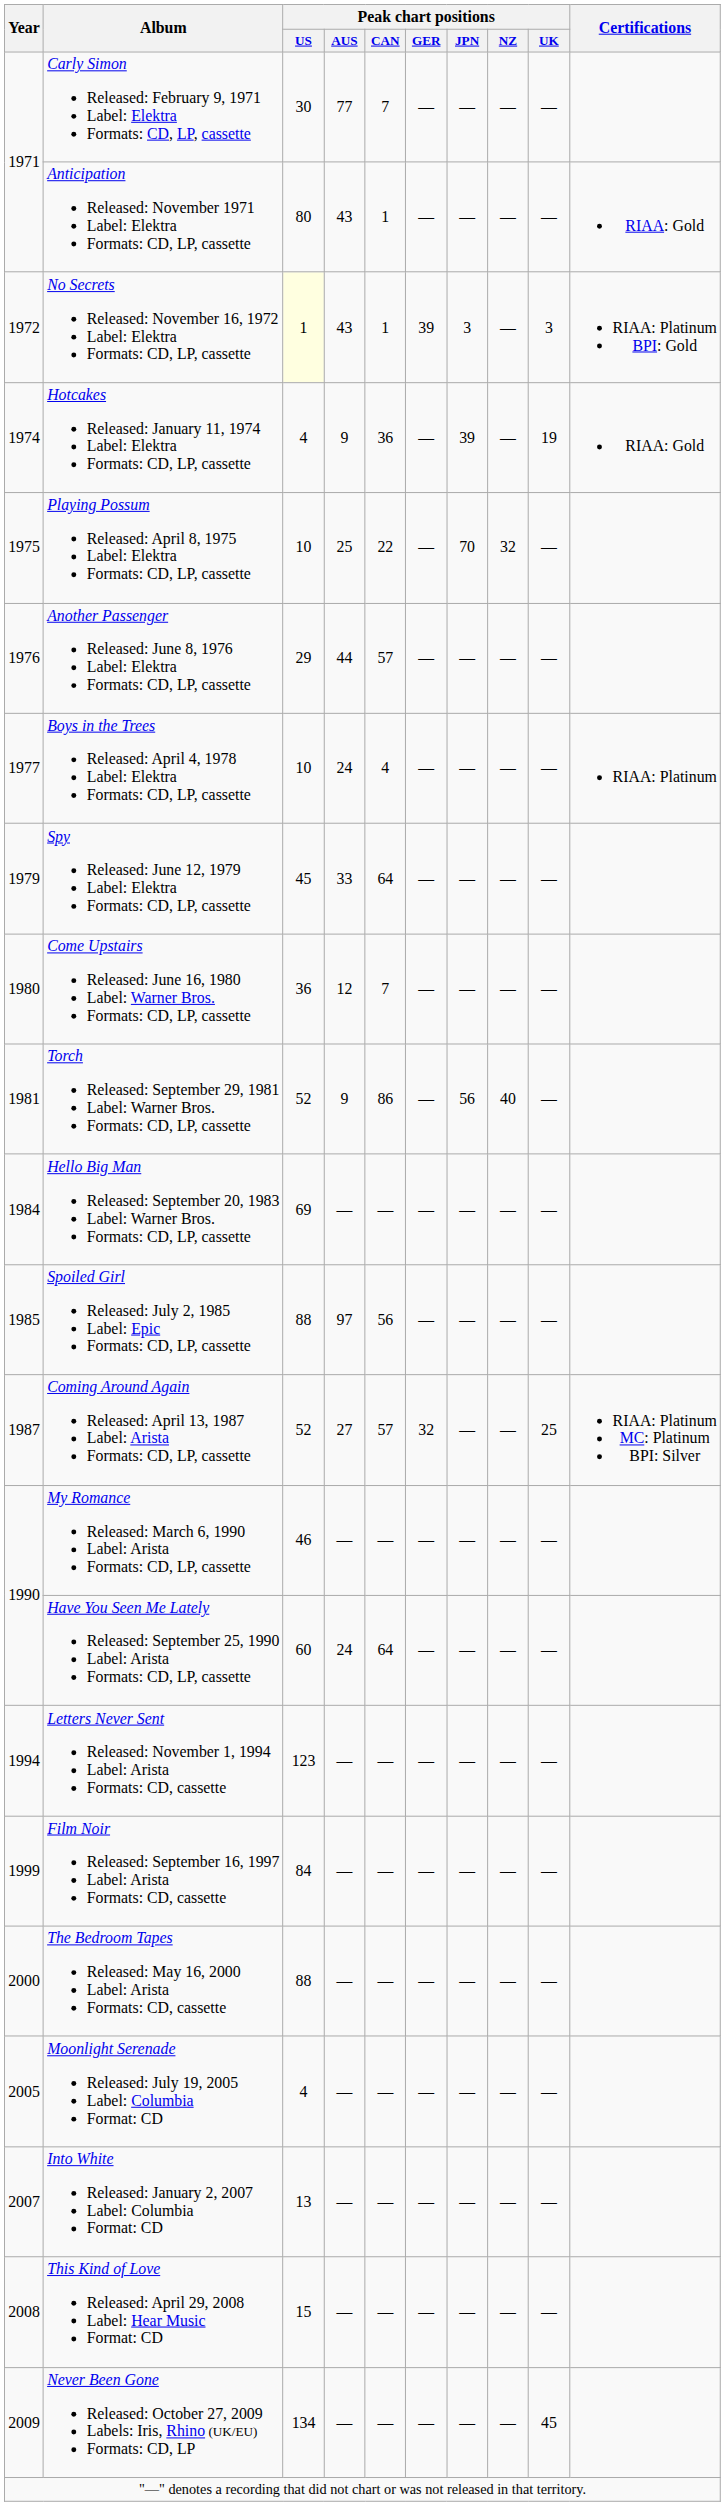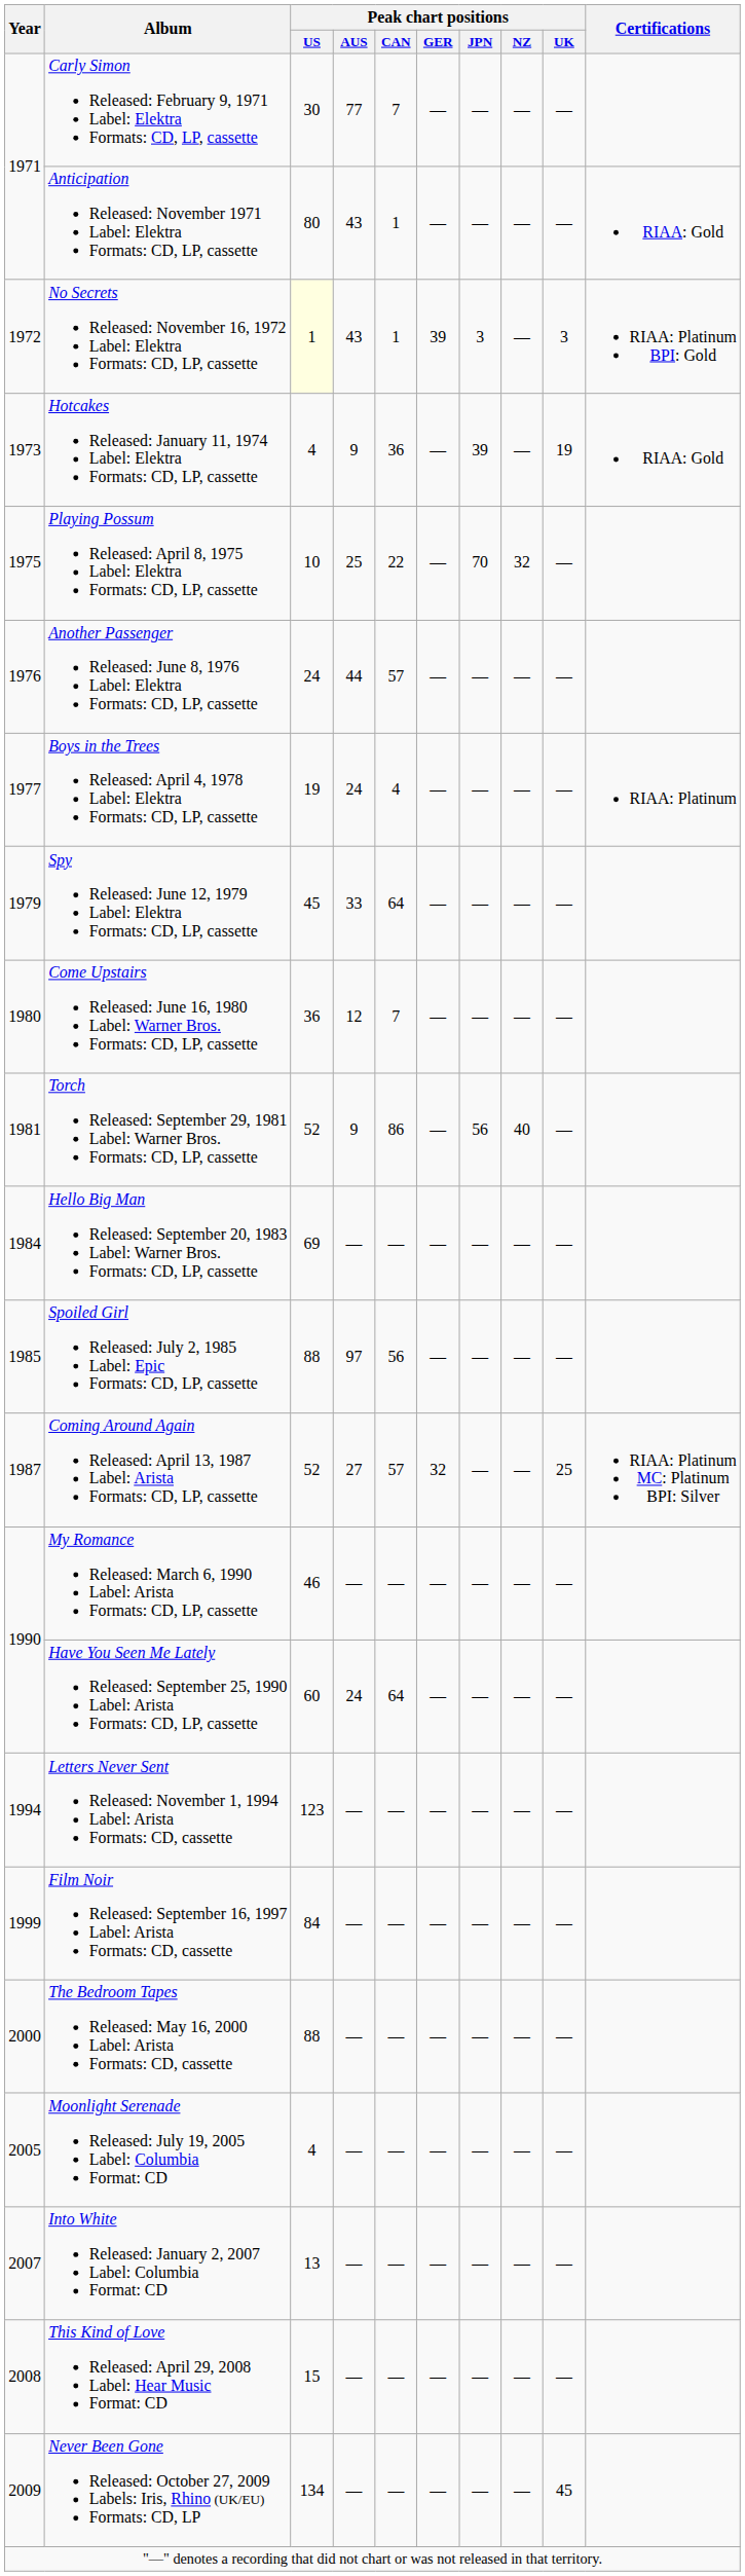 <table class="wikitable" style="text-align:center;">
 <tr>
 <th rowspan="2">Year</th>
 <th rowspan="2">Album</th>
 <th colspan="7">Peak chart positions</th>
 <th rowspan="2"><a href='#'>Certifications</a></th>
 </tr>
 <tr style="font-size:smaller;">
 <th width="35"><a href='#'>US</a><br></th>
 <th width="35"><a href='#'>AUS</a><br></th>
 <th width="35"><a href='#'>CAN</a><br></th>
 <th width="35"><a href='#'>GER</a><br></th>
 <th width="35"><a href='#'>JPN</a><br></th>
 <th width="35"><a href='#'>NZ</a><br></th>
 <th width="35"><a href='#'>UK</a><br></th>
 </tr>
 <tr>
 <td rowspan="2">1971</td>
 <td align="left"><em><a href='#'>Carly Simon</a></em><br><ul><li>Released: February 9, 1971</li><li>Label: <a href='#'>Elektra</a></li><li>Formats: <a href='#'>CD</a>, <a href='#'>LP</a>, <a href='#'>cassette</a></li></ul></td>
 <td>30</td>
 <td>77</td>
 <td>7</td>
 <td>—</td>
 <td>—</td>
 <td>—</td>
 <td>—</td>
 <td></td>
 </tr>
 <tr>
 <td align="left"><em><a href='#'>Anticipation</a></em><br><ul><li>Released: November 1971</li><li>Label: Elektra</li><li>Formats: CD, LP, cassette</li></ul></td>
 <td>80</td>
 <td>43</td>
 <td>1</td>
 <td>—</td>
 <td>—</td>
 <td>—</td>
 <td>—</td>
 <td><br><ul><li><a href='#'>RIAA</a>: Gold</li></ul></td>
 </tr>
 <tr>
 <td>1972</td>
 <td align="left"><em><a href='#'>No Secrets</a></em><br><ul><li>Released: November 16, 1972</li><li>Label: Elektra</li><li>Formats: CD, LP, cassette</li></ul></td>
 <td style="background: lightyellow;">1</td>
 <td>43</td>
 <td>1</td>
 <td>39</td>
 <td>3</td>
 <td>—</td>
 <td>3</td>
 <td><br><ul><li>RIAA: Platinum</li><li><a href='#'>BPI</a>: Gold</li></ul></td>
 </tr>
 <tr>
-<td>1974</td>
+<td>1973</td>
 <td align="left"><em><a href='#'>Hotcakes</a></em><br><ul><li>Released: January 11, 1974</li><li>Label: Elektra</li><li>Formats: CD, LP, cassette</li></ul></td>
 <td>4</td>
 <td>9</td>
 <td>36</td>
 <td>—</td>
 <td>39</td>
 <td>—</td>
 <td>19</td>
 <td><br><ul><li>RIAA: Gold</li></ul></td>
 </tr>
 <tr>
 <td>1975</td>
 <td align="left"><em><a href='#'>Playing Possum</a></em><br><ul><li>Released: April 8, 1975</li><li>Label: Elektra</li><li>Formats: CD, LP, cassette</li></ul></td>
 <td>10</td>
 <td>25</td>
 <td>22</td>
 <td>—</td>
 <td>70</td>
 <td>32</td>
 <td>—</td>
 <td></td>
 </tr>
 <tr>
 <td>1976</td>
 <td align="left"><em><a href='#'>Another Passenger</a></em><br><ul><li>Released: June 8, 1976</li><li>Label: Elektra</li><li>Formats: CD, LP, cassette</li></ul></td>
-<td>29</td>
+<td>24</td>
 <td>44</td>
 <td>57</td>
 <td>—</td>
 <td>—</td>
 <td>—</td>
 <td>—</td>
 <td></td>
 </tr>
 <tr>
 <td>1977</td>
 <td align="left"><em><a href='#'>Boys in the Trees</a></em><br><ul><li>Released: April 4, 1978</li><li>Label: Elektra</li><li>Formats: CD, LP, cassette</li></ul></td>
-<td>10</td>
+<td>19</td>
 <td>24</td>
 <td>4</td>
 <td>—</td>
 <td>—</td>
 <td>—</td>
 <td>—</td>
 <td><br><ul><li>RIAA: Platinum</li></ul></td>
 </tr>
 <tr>
 <td>1979</td>
 <td align="left"><em><a href='#'>Spy</a></em><br><ul><li>Released: June 12, 1979</li><li>Label: Elektra</li><li>Formats: CD, LP, cassette</li></ul></td>
 <td>45</td>
 <td>33</td>
 <td>64</td>
 <td>—</td>
 <td>—</td>
 <td>—</td>
 <td>—</td>
 <td></td>
 </tr>
 <tr>
 <td>1980</td>
 <td align="left"><em><a href='#'>Come Upstairs</a></em><br><ul><li>Released: June 16, 1980</li><li>Label: <a href='#'>Warner Bros.</a></li><li>Formats: CD, LP, cassette</li></ul></td>
 <td>36</td>
 <td>12</td>
 <td>7</td>
 <td>—</td>
 <td>—</td>
 <td>—</td>
 <td>—</td>
 <td></td>
 </tr>
 <tr>
 <td>1981</td>
 <td align="left"><em><a href='#'>Torch</a></em><br><ul><li>Released: September 29, 1981</li><li>Label: Warner Bros.</li><li>Formats: CD, LP, cassette</li></ul></td>
 <td>52</td>
 <td>9</td>
 <td>86</td>
 <td>—</td>
 <td>56</td>
 <td>40</td>
 <td>—</td>
 <td></td>
 </tr>
 <tr>
 <td>1984</td>
 <td align="left"><em><a href='#'>Hello Big Man</a></em><br><ul><li>Released: September 20, 1983</li><li>Label: Warner Bros.</li><li>Formats: CD, LP, cassette</li></ul></td>
 <td>69</td>
 <td>—</td>
 <td>—</td>
 <td>—</td>
 <td>—</td>
 <td>—</td>
 <td>—</td>
 <td></td>
 </tr>
 <tr>
 <td>1985</td>
 <td align="left"><em><a href='#'>Spoiled Girl</a></em><br><ul><li>Released: July 2, 1985</li><li>Label: <a href='#'>Epic</a></li><li>Formats: CD, LP, cassette</li></ul></td>
 <td>88</td>
 <td>97</td>
 <td>56</td>
 <td>—</td>
 <td>—</td>
 <td>—</td>
 <td>—</td>
 <td></td>
 </tr>
 <tr>
 <td>1987</td>
 <td align="left"><em><a href='#'>Coming Around Again</a></em><br><ul><li>Released: April 13, 1987</li><li>Label: <a href='#'>Arista</a></li><li>Formats: CD, LP, cassette</li></ul></td>
 <td>52</td>
 <td>27</td>
 <td>57</td>
 <td>32</td>
 <td>—</td>
 <td>—</td>
 <td>25</td>
 <td><br><ul><li>RIAA: Platinum</li><li><a href='#'>MC</a>: Platinum</li><li>BPI: Silver</li></ul></td>
 </tr>
 <tr>
 <td rowspan="2">1990</td>
 <td align="left"><em><a href='#'>My Romance</a></em><br><ul><li>Released: March 6, 1990</li><li>Label: Arista</li><li>Formats: CD, LP, cassette</li></ul></td>
 <td>46</td>
 <td>—</td>
 <td>—</td>
 <td>—</td>
 <td>—</td>
 <td>—</td>
 <td>—</td>
 <td></td>
 </tr>
 <tr>
 <td align="left"><em><a href='#'>Have You Seen Me Lately</a></em><br><ul><li>Released: September 25, 1990</li><li>Label: Arista</li><li>Formats: CD, LP, cassette</li></ul></td>
 <td>60</td>
 <td>24</td>
 <td>64</td>
 <td>—</td>
 <td>—</td>
 <td>—</td>
 <td>—</td>
 <td></td>
 </tr>
 <tr>
 <td>1994</td>
 <td align="left"><em><a href='#'>Letters Never Sent</a></em><br><ul><li>Released: November 1, 1994</li><li>Label: Arista</li><li>Formats: CD, cassette</li></ul></td>
 <td>123</td>
 <td>—</td>
 <td>—</td>
 <td>—</td>
 <td>—</td>
 <td>—</td>
 <td>—</td>
 <td></td>
 </tr>
 <tr>
 <td>1999</td>
 <td align="left"><em><a href='#'>Film Noir</a></em><br><ul><li>Released: September 16, 1997</li><li>Label: Arista</li><li>Formats: CD, cassette</li></ul></td>
 <td>84</td>
 <td>—</td>
 <td>—</td>
 <td>—</td>
 <td>—</td>
 <td>—</td>
 <td>—</td>
 <td></td>
 </tr>
 <tr>
 <td>2000</td>
 <td align="left"><em><a href='#'>The Bedroom Tapes</a></em><br><ul><li>Released: May 16, 2000</li><li>Label: Arista</li><li>Formats: CD, cassette</li></ul></td>
 <td>88</td>
 <td>—</td>
 <td>—</td>
 <td>—</td>
 <td>—</td>
 <td>—</td>
 <td>—</td>
 <td></td>
 </tr>
 <tr>
 <td>2005</td>
 <td align="left"><em><a href='#'>Moonlight Serenade</a></em><br><ul><li>Released: July 19, 2005</li><li>Label: <a href='#'>Columbia</a></li><li>Format: CD</li></ul></td>
 <td>4</td>
 <td>—</td>
 <td>—</td>
 <td>—</td>
 <td>—</td>
 <td>—</td>
 <td>—</td>
 <td></td>
 </tr>
 <tr>
 <td>2007</td>
 <td align="left"><em><a href='#'>Into White</a></em><br><ul><li>Released: January 2, 2007</li><li>Label: Columbia</li><li>Format: CD</li></ul></td>
 <td>13</td>
 <td>—</td>
 <td>—</td>
 <td>—</td>
 <td>—</td>
 <td>—</td>
 <td>—</td>
 <td></td>
 </tr>
 <tr>
 <td>2008</td>
 <td align="left"><em><a href='#'>This Kind of Love</a></em><br><ul><li>Released: April 29, 2008</li><li>Label: <a href='#'>Hear Music</a></li><li>Format: CD</li></ul></td>
 <td>15</td>
 <td>—</td>
 <td>—</td>
 <td>—</td>
 <td>—</td>
 <td>—</td>
 <td>—</td>
 <td></td>
 </tr>
 <tr>
 <td>2009</td>
 <td align="left"><em><a href='#'>Never Been Gone</a></em><br><ul><li>Released: October 27, 2009</li><li>Labels: Iris, <a href='#'>Rhino</a><small> (UK/EU)</small></li><li>Formats: CD, LP</li></ul></td>
 <td>134</td>
 <td>—</td>
 <td>—</td>
 <td>—</td>
 <td>—</td>
 <td>—</td>
 <td>45</td>
 <td></td>
 </tr>
 <tr>
 <td colspan="15" style="font-size:90%">"—" denotes a recording that did not chart or was not released in that territory.</td>
 </tr>
 </table>
